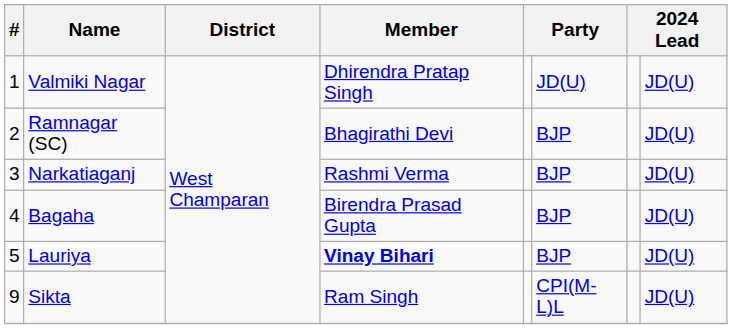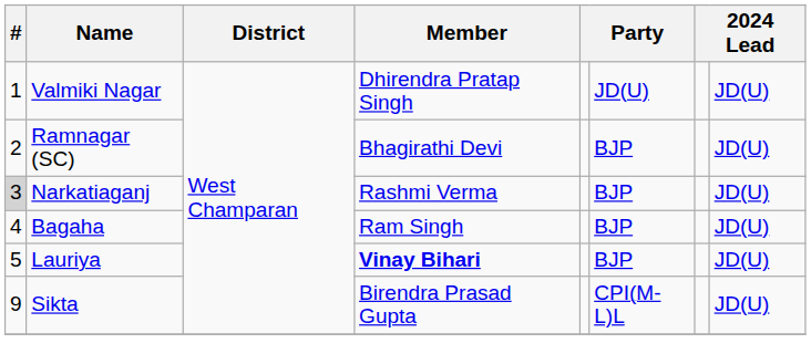 <table class="wikitable">
 <tr>
 <th>#</th>
 <th>Name</th>
 <th>District</th>
 <th>Member</th>
 <th colspan="2">Party</th>
 <th colspan="2">2024 Lead</th>
 </tr>
 <tr>
 <td>1</td>
 <td><a href='#'>Valmiki Nagar</a></td>
 <td rowspan="6"><a href='#'>West Champaran</a></td>
 <td><a href='#'>Dhirendra Pratap Singh</a></td>
 <td style="background-color :"></td>
 <td><a href='#'>JD(U)</a></td>
 <td style="background-color :"></td>
 <td><a href='#'>JD(U)</a></td>
 </tr>
 <tr>
 <td>2</td>
 <td><a href='#'>Ramnagar</a> (SC)</td>
 <td><a href='#'>Bhagirathi Devi</a></td>
 <td style="background-color :"></td>
 <td><a href='#'>BJP</a></td>
 <td style="background-color :"></td>
 <td><a href='#'>JD(U)</a></td>
 </tr>
 <tr>
-<td>3</td>
+<td style="background: lightgrey;">3</td>
 <td><a href='#'>Narkatiaganj</a></td>
 <td><a href='#'>Rashmi Verma</a></td>
 <td style="background-color :"></td>
 <td><a href='#'>BJP</a></td>
 <td style="background-color :"></td>
 <td><a href='#'>JD(U)</a></td>
 </tr>
 <tr>
 <td>4</td>
 <td><a href='#'>Bagaha</a></td>
-<td><a href='#'>Birendra Prasad Gupta</a></td>
+<td><a href='#'>Ram Singh</a></td>
 <td style="background-color :"></td>
 <td><a href='#'>BJP</a></td>
 <td style="background-color :"></td>
 <td><a href='#'>JD(U)</a></td>
 </tr>
 <tr>
 <td>5</td>
 <td><a href='#'>Lauriya</a></td>
 <td><strong><a href='#'>Vinay Bihari</a></strong></td>
 <td style="background-color :"></td>
 <td><a href='#'>BJP</a></td>
 <td style="background-color :"></td>
 <td><a href='#'>JD(U)</a></td>
 </tr>
 <tr>
 <td>9</td>
 <td><a href='#'>Sikta</a></td>
-<td><a href='#'>Ram Singh</a></td>
+<td><a href='#'>Birendra Prasad Gupta</a></td>
 <td style=background-color:></td>
 <td><a href='#'>CPI(M-L)L</a></td>
 <td style="background-color :"></td>
 <td><a href='#'>JD(U)</a></td>
 </tr>
 <tr>
 </tr>
 </table>
